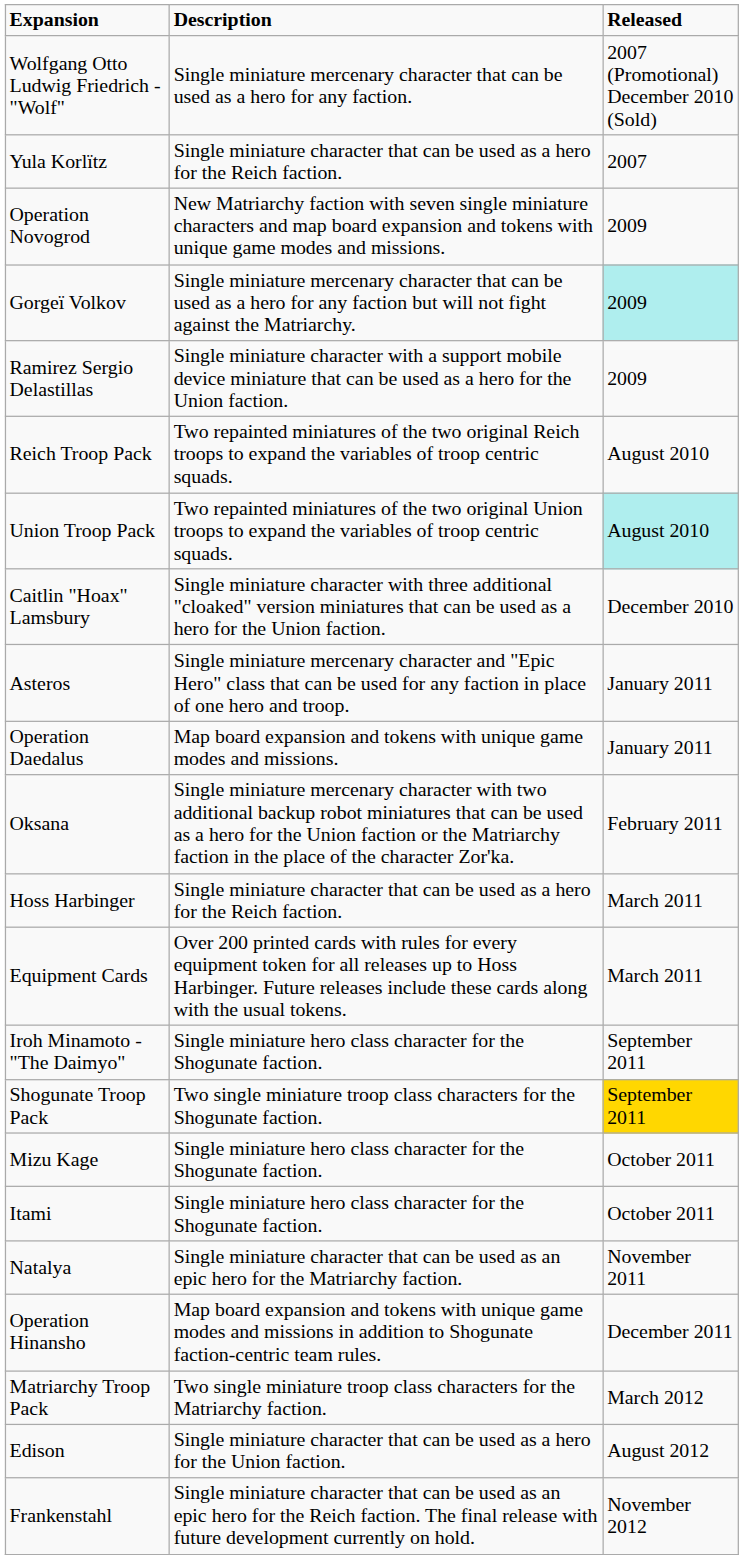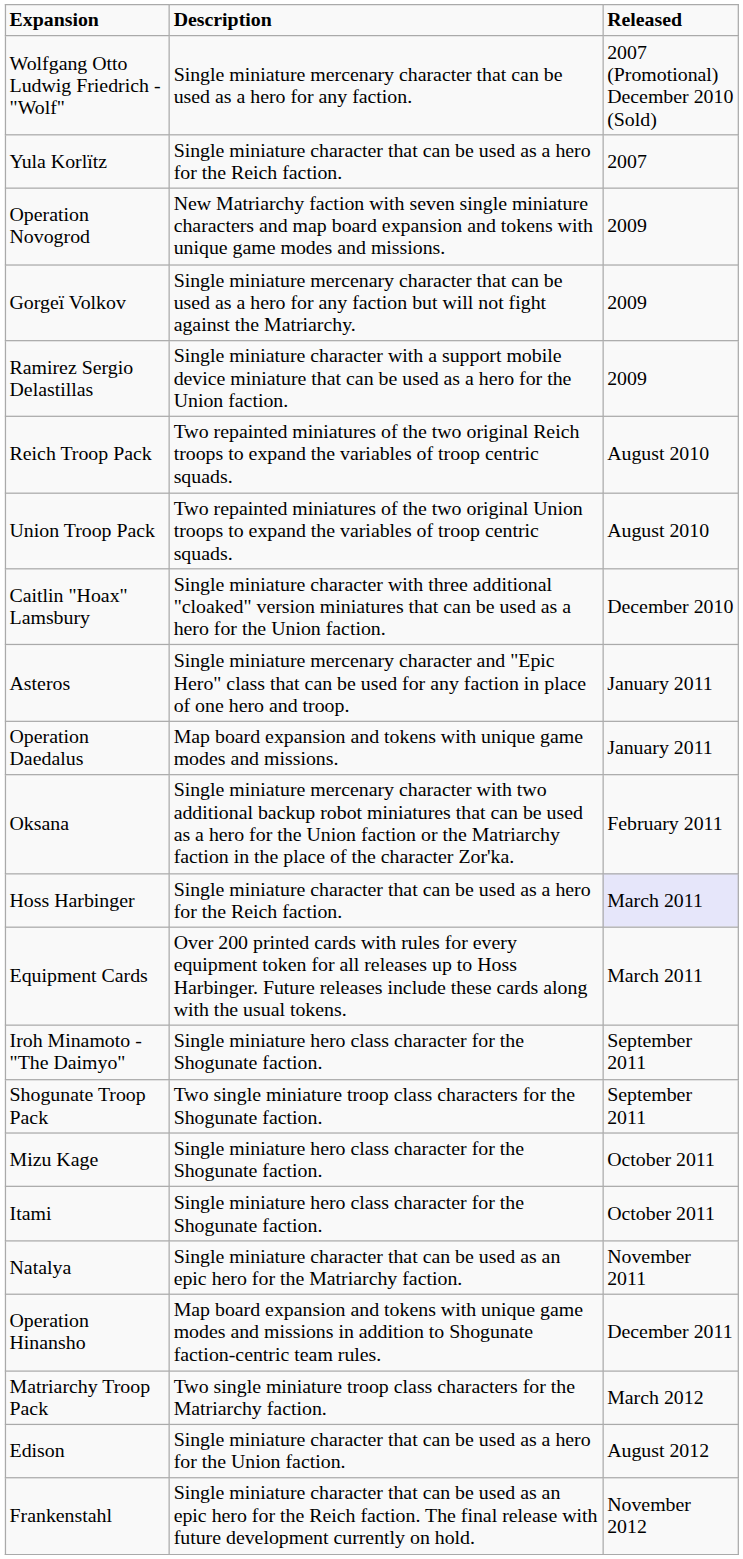 <table class="wikitable" style="margin:auto; width: 95%;">
 <tr>
 <td><strong>Expansion</strong></td>
 <td><strong>Description</strong></td>
 <td><strong>Released</strong></td>
 </tr>
 <tr>
 <td>Wolfgang Otto Ludwig Friedrich - "Wolf"</td>
 <td>Single miniature mercenary character that can be used as a hero for any faction.</td>
 <td>2007 (Promotional)<br> December 2010 (Sold)</td>
 </tr>
 <tr>
 <td>Yula Korlïtz</td>
 <td>Single miniature character that can be used as a hero for the Reich faction.</td>
 <td>2007</td>
 </tr>
 <tr>
 <td>Operation Novogrod</td>
 <td>New Matriarchy faction with seven single miniature characters and map board expansion and tokens with unique game modes and missions.</td>
 <td>2009</td>
 </tr>
 <tr>
 <td>Gorgeï Volkov</td>
 <td>Single miniature mercenary character that can be used as a hero for any faction but will not fight against the Matriarchy.</td>
-<td style="background: paleturquoise;">2009</td>
+<td>2009</td>
 </tr>
 <tr>
 <td>Ramirez Sergio Delastillas</td>
 <td>Single miniature character with a support mobile device miniature that can be used as a hero for the Union faction.</td>
 <td>2009</td>
 </tr>
 <tr>
 <td>Reich Troop Pack</td>
 <td>Two repainted miniatures of the two original Reich troops to expand the variables of troop centric squads.</td>
 <td>August 2010</td>
 </tr>
 <tr>
 <td>Union Troop Pack</td>
 <td>Two repainted miniatures of the two original Union troops to expand the variables of troop centric squads.</td>
-<td style="background: paleturquoise;">August 2010</td>
+<td>August 2010</td>
 </tr>
 <tr>
 <td>Caitlin "Hoax" Lamsbury</td>
 <td>Single miniature character with three additional "cloaked" version miniatures that can be used as a hero for the Union faction.</td>
 <td>December 2010</td>
 </tr>
 <tr>
 <td>Asteros</td>
 <td>Single miniature mercenary character and "Epic Hero" class that can be used for any faction in place of one hero and troop.</td>
 <td>January 2011</td>
 </tr>
 <tr>
 <td>Operation Daedalus</td>
 <td>Map board expansion and tokens with unique game modes and missions.</td>
 <td>January 2011</td>
 </tr>
 <tr>
 <td>Oksana</td>
 <td>Single miniature mercenary character with two additional backup robot miniatures that can be used as a hero for the Union faction or the Matriarchy faction in the place of the character Zor'ka.</td>
 <td>February 2011</td>
 </tr>
 <tr>
 <td>Hoss Harbinger</td>
 <td>Single miniature character that can be used as a hero for the Reich faction.</td>
-<td>March 2011</td>
+<td style="background: lavender;">March 2011</td>
 </tr>
 <tr>
 <td>Equipment Cards</td>
 <td>Over 200 printed cards with rules for every equipment token for all releases up to Hoss Harbinger. Future releases include these cards along with the usual tokens.</td>
 <td>March 2011</td>
 </tr>
 <tr>
 <td>Iroh Minamoto - "The Daimyo"</td>
 <td>Single miniature hero class character for the Shogunate faction.</td>
 <td>September 2011</td>
 </tr>
 <tr>
 <td>Shogunate Troop Pack</td>
 <td>Two single miniature troop class characters for the Shogunate faction.</td>
-<td style="background: gold;">September 2011</td>
+<td>September 2011</td>
 </tr>
 <tr>
 <td>Mizu Kage</td>
 <td>Single miniature hero class character for the Shogunate faction.</td>
 <td>October 2011</td>
 </tr>
 <tr>
 <td>Itami</td>
 <td>Single miniature hero class character for the Shogunate faction.</td>
 <td>October 2011</td>
 </tr>
 <tr>
 <td>Natalya</td>
 <td>Single miniature character that can be used as an epic hero for the Matriarchy faction.</td>
 <td>November 2011</td>
 </tr>
 <tr>
 <td>Operation Hinansho</td>
 <td>Map board expansion and tokens with unique game modes and missions in addition to Shogunate faction-centric team rules.</td>
 <td>December 2011</td>
 </tr>
 <tr>
 <td>Matriarchy Troop Pack</td>
 <td>Two single miniature troop class characters for the Matriarchy faction.</td>
 <td>March 2012</td>
 </tr>
 <tr>
 <td>Edison</td>
 <td>Single miniature character that can be used as a hero for the Union faction.</td>
 <td>August 2012</td>
 </tr>
 <tr>
 <td>Frankenstahl</td>
 <td>Single miniature character that can be used as an epic hero for the Reich faction. The final release with future development currently on hold.</td>
 <td>November 2012</td>
 </tr>
 <tr>
 </tr>
 </table>
